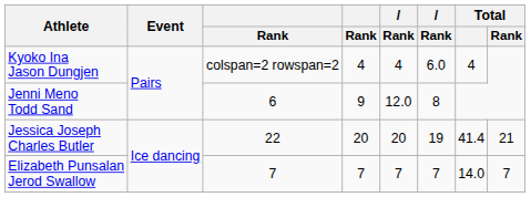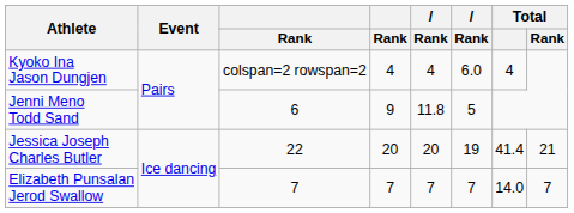 <table class=wikitable style=font-size:90%;text-align:center>
 <tr>
 <th rowspan=2>Athlete</th>
 <th rowspan=2>Event</th>
 <th></th>
 <th></th>
 <th> / </th>
 <th> / </th>
 <th colspan=2>Total</th>
 </tr>
 <tr style=font-size:95%>
 <th>Rank</th>
 <th>Rank</th>
 <th>Rank</th>
 <th>Rank</th>
 <th></th>
 <th>Rank</th>
 </tr>
 <tr>
 <td align=left><a href='#'>Kyoko Ina</a><br><a href='#'>Jason Dungjen</a></td>
 <td align=left rowspan=2><a href='#'>Pairs</a></td>
 <td>colspan=2 rowspan=2 </td>
 <td>4</td>
 <td>4</td>
 <td>6.0</td>
 <td>4</td>
 </tr>
 <tr>
 <td align=left><a href='#'>Jenni Meno</a><br><a href='#'>Todd Sand</a></td>
 <td>6</td>
 <td>9</td>
-<td>12.0</td>
-<td>8</td>
+<td>11.8</td>
+<td>5</td>
 </tr>
 <tr>
 <td align=left><a href='#'>Jessica Joseph</a><br><a href='#'>Charles Butler</a></td>
 <td align=left rowspan=2><a href='#'>Ice dancing</a></td>
 <td>22</td>
 <td>20</td>
 <td>20</td>
 <td>19</td>
 <td>41.4</td>
 <td>21</td>
 </tr>
 <tr>
 <td align=left><a href='#'>Elizabeth Punsalan</a><br><a href='#'>Jerod Swallow</a></td>
 <td>7</td>
 <td>7</td>
 <td>7</td>
 <td>7</td>
 <td>14.0</td>
 <td>7</td>
 </tr>
 </table>
